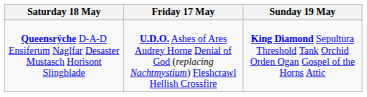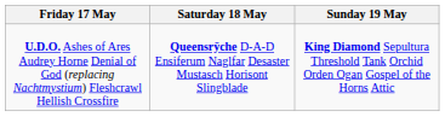 <table class="wikitable">
 <tr>
+<th>Friday 17 May</th>
 <th>Saturday 18 May</th>
-<th>Friday 17 May</th>
 <th>Sunday 19 May</th>
 </tr>
 <tr>
+<td valign="top" align="center" width=185><br><strong><a href='#'>U.D.O.</a></strong> <a href='#'>Ashes of Ares</a> <a href='#'>Audrey Horne</a> <a href='#'>Denial of God</a> (<em>replacing <a href='#'>Nachtmystium</a></em>) <a href='#'>Fleshcrawl</a> <a href='#'>Hellish Crossfire</a></td>
 <td valign="top" align="center" width=185><br><strong><a href='#'>Queensrÿche</a></strong> <a href='#'>D-A-D</a> <a href='#'>Ensiferum</a> <a href='#'>Naglfar</a> <a href='#'>Desaster</a> <a href='#'>Mustasch</a> <a href='#'>Horisont</a> <a href='#'>Slingblade</a></td>
-<td valign="top" align="center" width=185><br><strong><a href='#'>U.D.O.</a></strong> <a href='#'>Ashes of Ares</a> <a href='#'>Audrey Horne</a> <a href='#'>Denial of God</a> (<em>replacing <a href='#'>Nachtmystium</a></em>) <a href='#'>Fleshcrawl</a> <a href='#'>Hellish Crossfire</a></td>
 <td valign="top" align="center" width=185><br><strong><a href='#'>King Diamond</a></strong> <a href='#'>Sepultura</a> <a href='#'>Threshold</a> <a href='#'>Tank</a> <a href='#'>Orchid</a> <a href='#'>Orden Ogan</a> <a href='#'>Gospel of the Horns</a> <a href='#'>Attic</a></td>
 </tr>
 </table>
